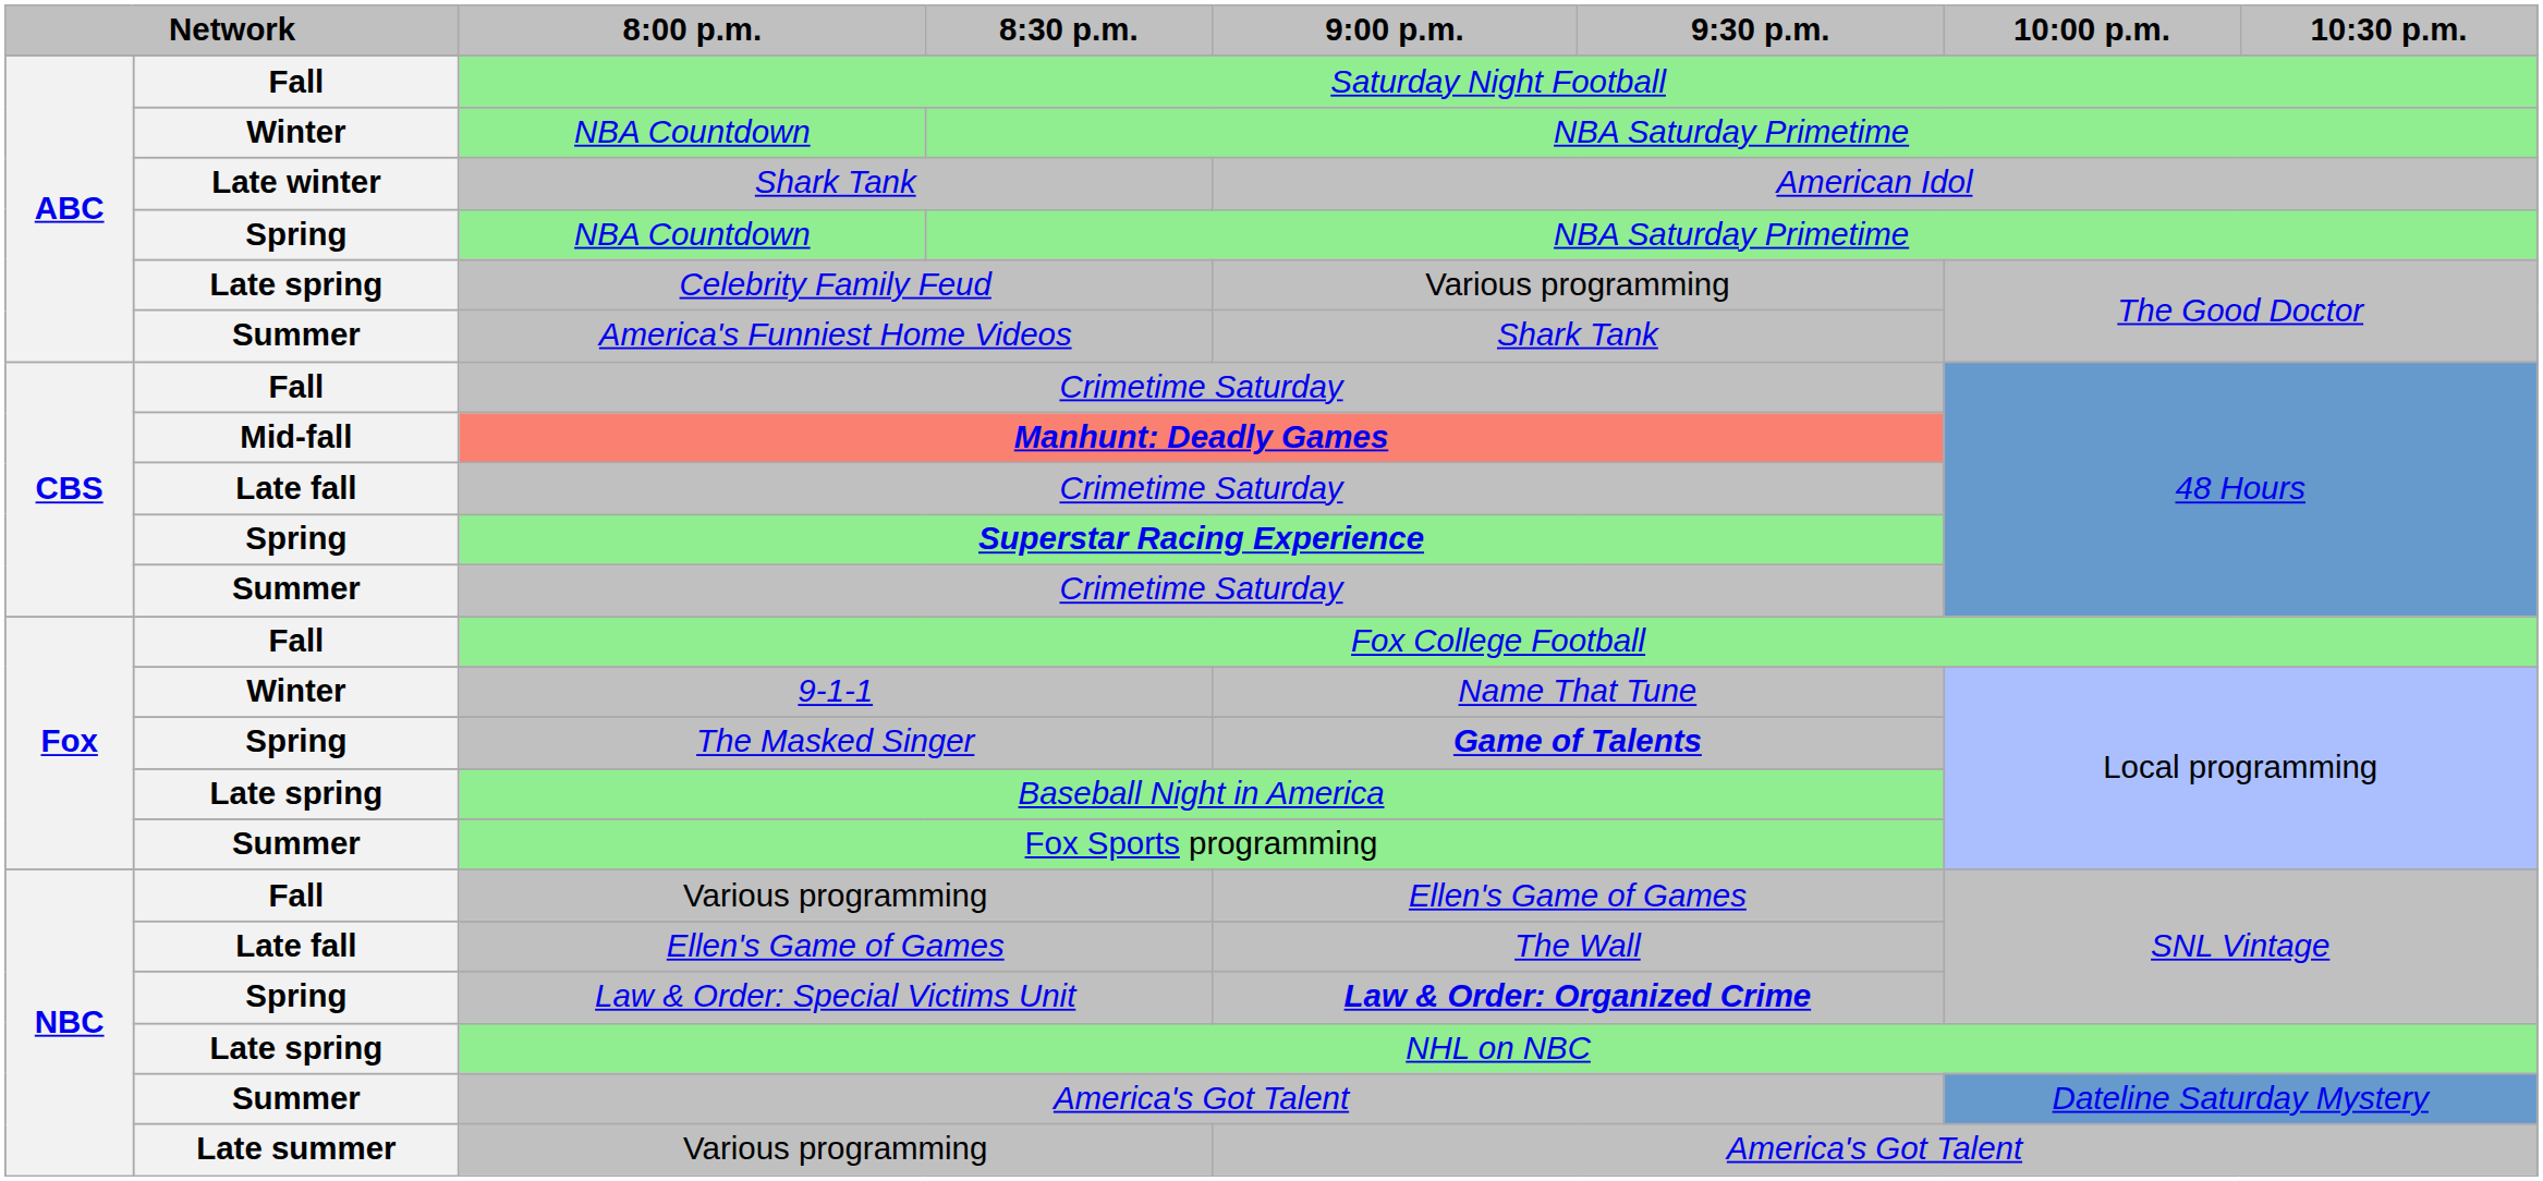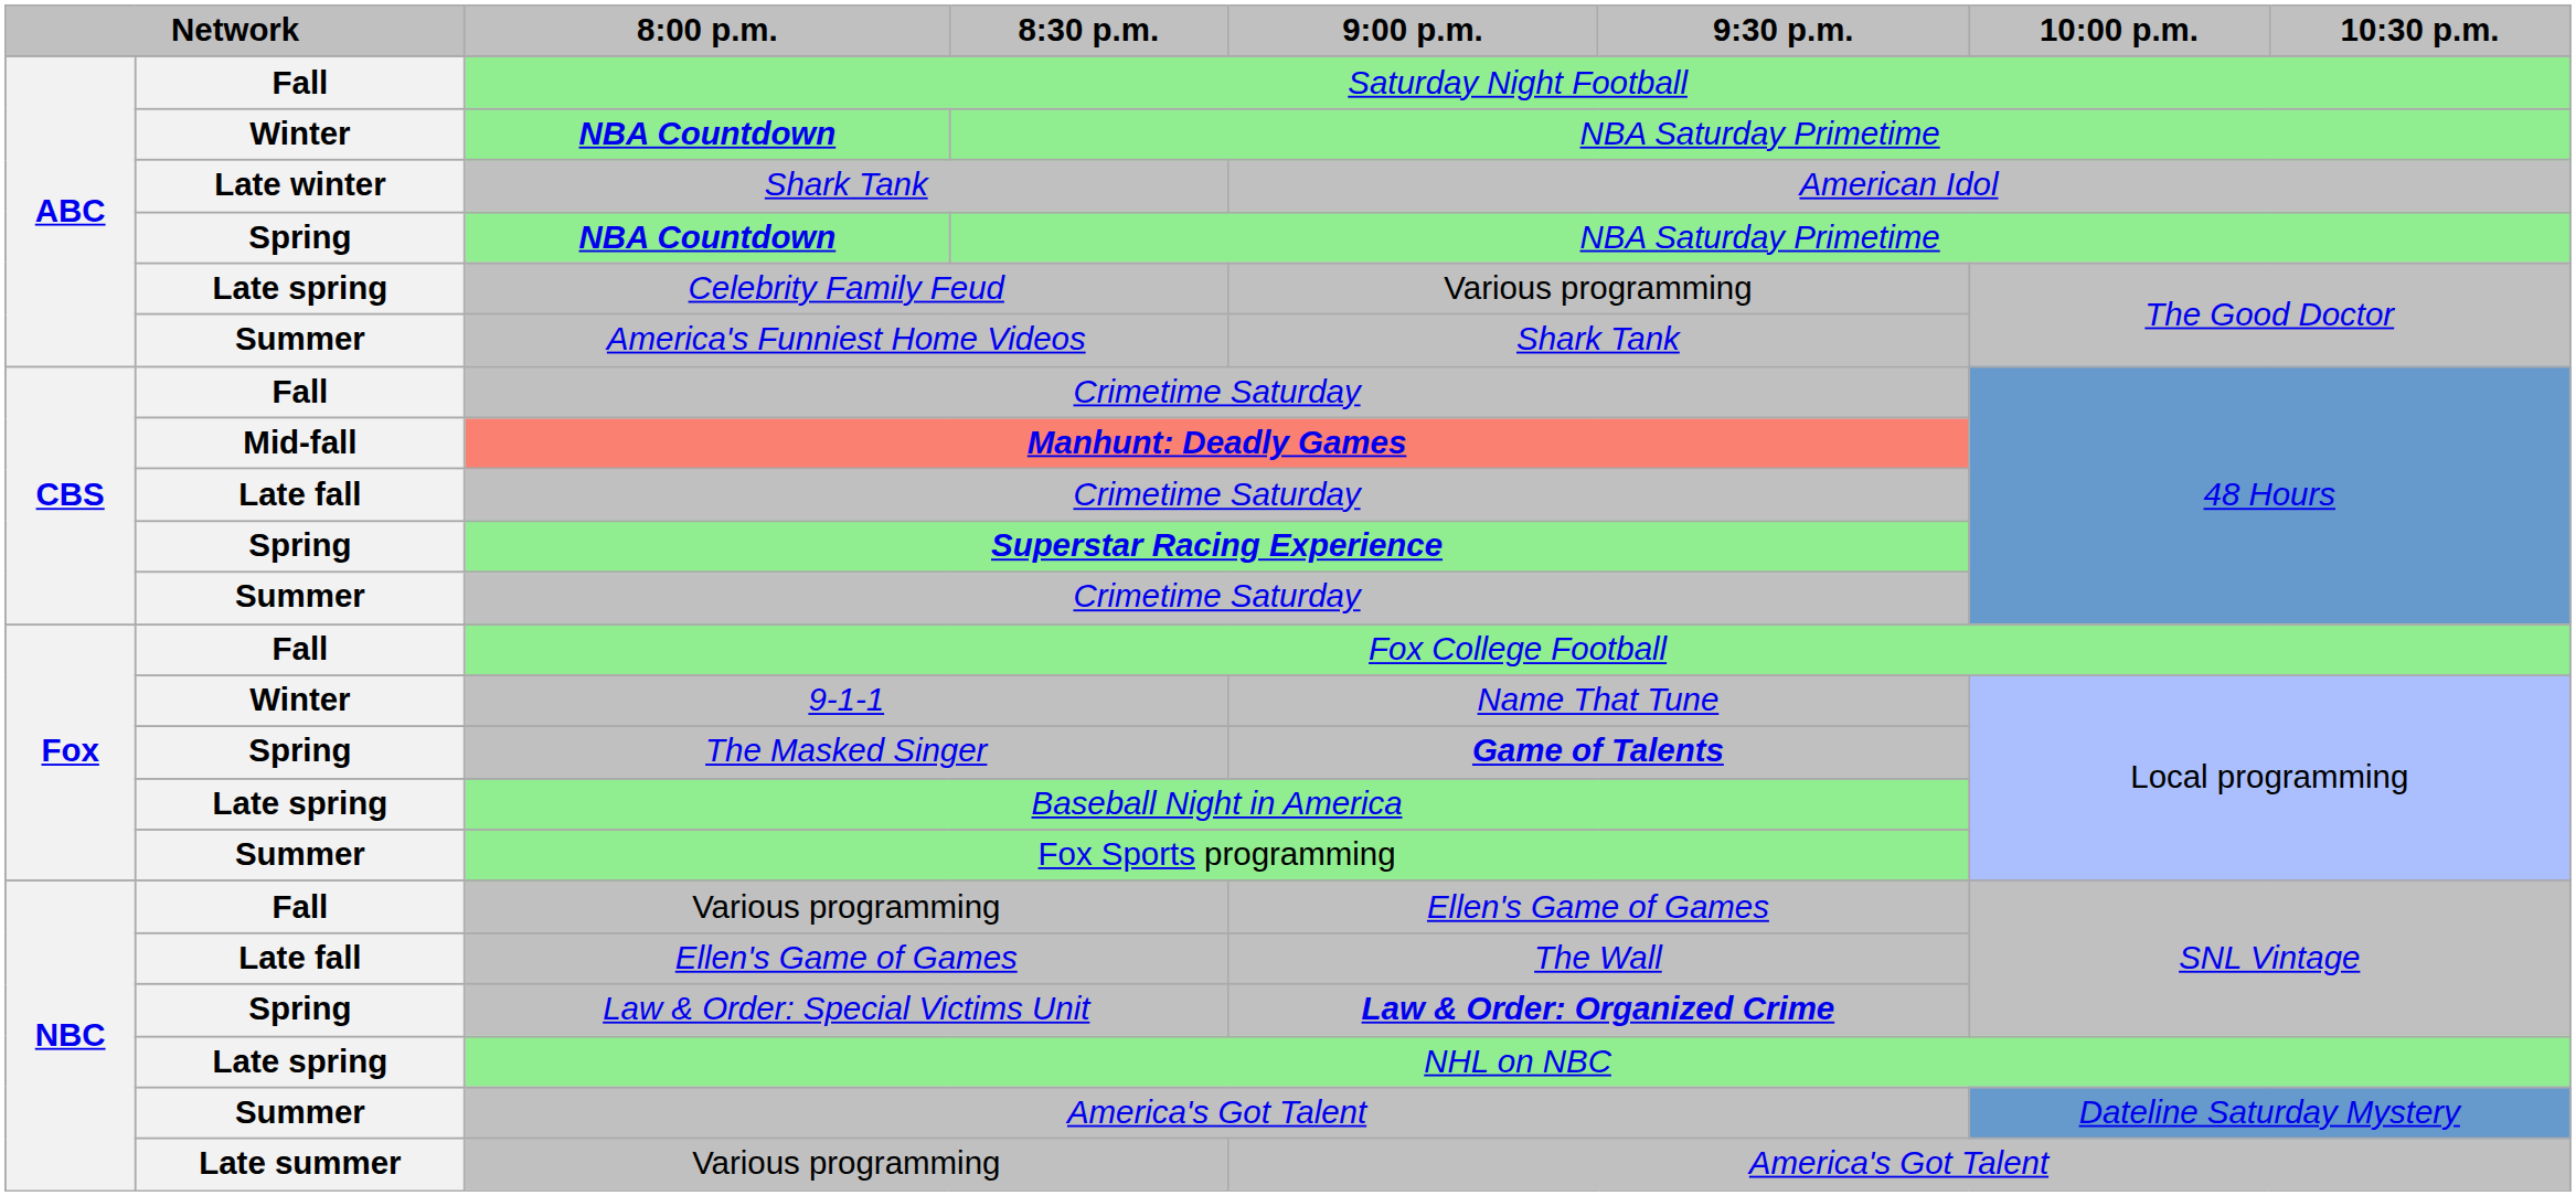 <table class="wikitable" style="width:100%;margin-right:0;text-align:center">
 <tr>
 <th colspan="2" style="background-color:#C0C0C0;text-align:center">Network</th>
 <th style="background-color:#C0C0C0;text-align:center">8:00 p.m.</th>
 <th style="background-color:#C0C0C0;text-align:center">8:30 p.m.</th>
 <th style="background-color:#C0C0C0;text-align:center">9:00 p.m.</th>
 <th style="background-color:#C0C0C0;text-align:center">9:30 p.m.</th>
 <th style="background-color:#C0C0C0;text-align:center">10:00 p.m.</th>
 <th style="background-color:#C0C0C0;text-align:center">10:30 p.m.</th>
 </tr>
 <tr>
 <th rowspan="6"><a href='#'>ABC</a></th>
 <th>Fall</th>
 <td colspan="6" style="background:lightgreen"><em><a href='#'>Saturday Night Football</a></em></td>
 </tr>
 <tr>
 <th>Winter</th>
-<td style="background:lightgreen"><em><a href='#'>NBA Countdown</a></em></td>
+<td style="background:lightgreen"><strong><em><a href='#'>NBA Countdown</a></em></strong></td>
 <td colspan="5" style="background:lightgreen"><em><a href='#'>NBA Saturday Primetime</a></em></td>
 </tr>
 <tr>
 <th>Late winter</th>
 <td colspan="2" style="background:#C0C0C0;"><em><a href='#'>Shark Tank</a></em> </td>
 <td colspan="4" style="background:#C0C0C0;"><em><a href='#'>American Idol</a></em> </td>
 </tr>
 <tr>
 <th>Spring</th>
-<td style="background:lightgreen"><em><a href='#'>NBA Countdown</a></em></td>
+<td style="background:lightgreen"><strong><em><a href='#'>NBA Countdown</a></em></strong></td>
 <td colspan="5" style="background:lightgreen"><em><a href='#'>NBA Saturday Primetime</a></em></td>
 </tr>
 <tr>
 <th>Late spring</th>
 <td colspan="2" style="background:#C0C0C0;"><em><a href='#'>Celebrity Family Feud</a></em> </td>
 <td colspan="2" style="background:#C0C0C0;">Various programming</td>
 <td colspan="2" rowspan="2" style="background:#C0C0C0;"><em><a href='#'>The Good Doctor</a></em> </td>
 </tr>
 <tr>
 <th>Summer</th>
 <td colspan="2" style="background:#C0C0C0;"><em><a href='#'>America's Funniest Home Videos</a></em> </td>
 <td colspan="2" style="background:#C0C0C0;"><em><a href='#'>Shark Tank</a></em> </td>
 </tr>
 <tr>
 <th rowspan="5"><a href='#'>CBS</a></th>
 <th>Fall</th>
 <td colspan="4" style="background:#C0C0C0;"><em><a href='#'>Crimetime Saturday</a></em></td>
 <td rowspan="5" colspan="2" style="background:#6699CC;"><em><a href='#'>48 Hours</a></em></td>
 </tr>
 <tr>
 <th>Mid-fall</th>
 <td colspan="4" style="background:#FA8072;"><strong><em><a href='#'>Manhunt: Deadly Games</a></em></strong></td>
 </tr>
 <tr>
 <th>Late fall</th>
 <td colspan="4" style="background:#C0C0C0;"><em><a href='#'>Crimetime Saturday</a></em></td>
 </tr>
 <tr>
 <th>Spring</th>
 <td colspan="4" style="background:lightgreen"><strong><em><a href='#'>Superstar Racing Experience</a></em></strong></td>
 </tr>
 <tr>
 <th>Summer</th>
 <td colspan="4" style="background:#C0C0C0;"><em><a href='#'>Crimetime Saturday</a></em></td>
 </tr>
 <tr>
 <th rowspan="5"><a href='#'>Fox</a></th>
 <th>Fall</th>
 <td colspan="6" style="background:lightgreen"><em><a href='#'>Fox College Football</a></em> </td>
 </tr>
 <tr>
 <th>Winter</th>
 <td colspan="2" style="background:#C0C0C0;"><em><a href='#'>9-1-1</a></em> </td>
 <td colspan="2" style="background:#C0C0C0;"><em><a href='#'>Name That Tune</a></em>  </td>
 <td colspan="2" rowspan="4" style="background:#abbfff">Local programming</td>
 </tr>
 <tr>
 <th>Spring</th>
 <td colspan="2" style="background:#C0C0C0;"><em><a href='#'>The Masked Singer</a></em> </td>
 <td colspan="2" style="background:#C0C0C0;"><strong><em><a href='#'>Game of Talents</a></em></strong> </td>
 </tr>
 <tr>
 <th>Late spring</th>
 <td colspan="4" style="background:lightgreen"><em><a href='#'>Baseball Night in America</a></em> </td>
 </tr>
 <tr>
 <th>Summer</th>
 <td colspan="4" style="background:lightgreen"><a href='#'>Fox Sports</a> programming</td>
 </tr>
 <tr>
 <th rowspan="6"><a href='#'>NBC</a></th>
 <th>Fall</th>
 <td colspan="2" style="background:#C0C0C0;">Various programming</td>
 <td colspan="2" style="background:#C0C0C0;"><em><a href='#'>Ellen's Game of Games</a></em> </td>
 <td colspan="2" rowspan="3" style="background:#C0C0C0;"><em><a href='#'>SNL Vintage</a></em></td>
 </tr>
 <tr>
 <th>Late fall</th>
 <td colspan="2" style="background:#C0C0C0;"><em><a href='#'>Ellen's Game of Games</a></em> </td>
 <td colspan="2" style="background:#C0C0C0;"><em><a href='#'>The Wall</a></em> </td>
 </tr>
 <tr>
 <th>Spring</th>
 <td colspan="2" style="background:#C0C0C0;"><em><a href='#'>Law & Order: Special Victims Unit</a></em> </td>
 <td colspan="2" style="background:#C0C0C0;"><strong><em><a href='#'>Law & Order: Organized Crime</a></em></strong> </td>
 </tr>
 <tr>
 <th>Late spring</th>
 <td colspan="6" style="background:Lightgreen"><em><a href='#'>NHL on NBC</a></em></td>
 </tr>
 <tr>
 <th>Summer</th>
 <td colspan="4" style="background:#C0C0C0;"><em><a href='#'>America's Got Talent</a></em> </td>
 <td colspan="2" style="background:#6699CC;"><em><a href='#'>Dateline Saturday Mystery</a></em></td>
 </tr>
 <tr>
 <th>Late summer</th>
 <td colspan="2" style="background:#C0C0C0;">Various programming</td>
 <td colspan="4" style="background:#C0C0C0;"><em><a href='#'>America's Got Talent</a></em> </td>
 </tr>
 </table>
